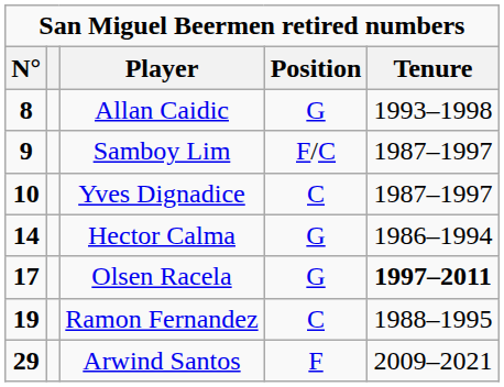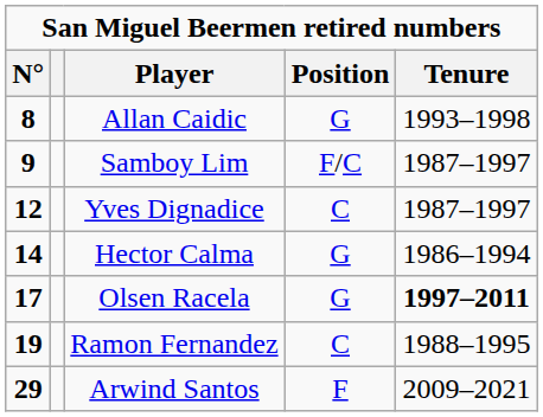 <table class="wikitable" style="text-align:center">
 <tr>
 <td colspan="5"><strong>San Miguel Beermen retired numbers</strong></td>
 </tr>
 <tr>
 <th>N°</th>
 <th></th>
 <th>Player</th>
 <th>Position</th>
 <th>Tenure</th>
 </tr>
 <tr>
 <td><strong>8</strong></td>
 <td></td>
 <td><a href='#'>Allan Caidic</a></td>
 <td><a href='#'>G</a></td>
 <td>1993–1998</td>
 </tr>
 <tr>
 <td><strong>9</strong></td>
 <td></td>
 <td><a href='#'>Samboy Lim</a></td>
 <td><a href='#'>F</a>/<a href='#'>C</a></td>
 <td>1987–1997</td>
 </tr>
 <tr>
-<td><strong>10</strong></td>
+<td><strong>12</strong></td>
 <td></td>
 <td><a href='#'>Yves Dignadice</a></td>
 <td><a href='#'>C</a></td>
 <td>1987–1997</td>
 </tr>
 <tr>
 <td><strong>14</strong></td>
 <td></td>
 <td><a href='#'>Hector Calma</a></td>
 <td><a href='#'>G</a></td>
 <td>1986–1994</td>
 </tr>
 <tr>
 <td><strong>17</strong></td>
 <td></td>
 <td><a href='#'>Olsen Racela</a></td>
 <td><a href='#'>G</a></td>
 <td><strong>1997–2011</strong></td>
 </tr>
 <tr>
 <td><strong>19</strong></td>
 <td></td>
 <td><a href='#'>Ramon Fernandez</a></td>
 <td><a href='#'>C</a></td>
 <td>1988–1995</td>
 </tr>
 <tr>
 <td><strong>29</strong></td>
 <td></td>
 <td><a href='#'>Arwind Santos</a></td>
 <td><a href='#'>F</a></td>
 <td>2009–2021</td>
 </tr>
 </table>
